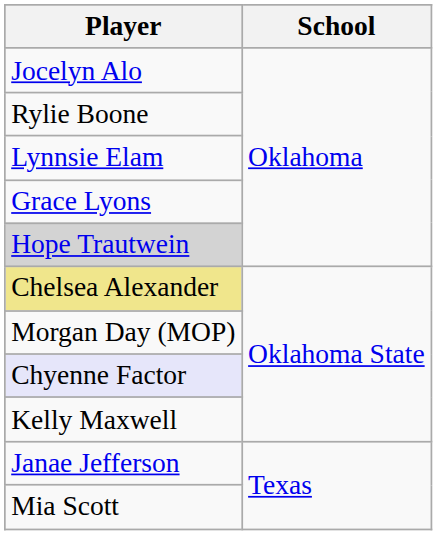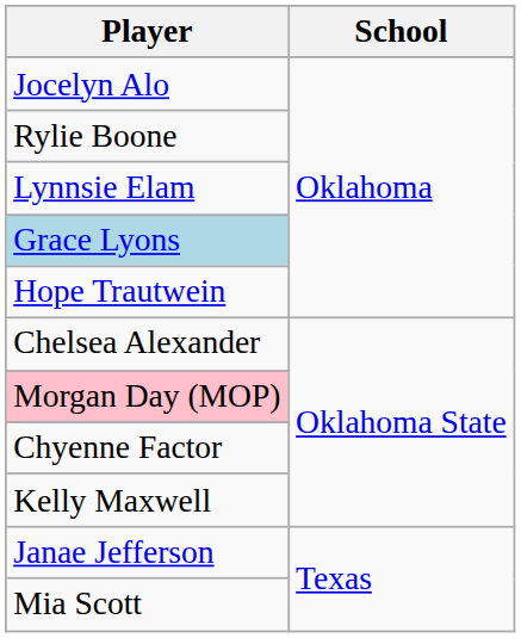 <table class="wikitable">
 <tr>
 <th>Player</th>
 <th>School</th>
 </tr>
 <tr>
 <td><a href='#'>Jocelyn Alo</a></td>
 <td rowspan="5"><a href='#'>Oklahoma</a></td>
 </tr>
 <tr>
 <td>Rylie Boone</td>
 </tr>
 <tr>
 <td><a href='#'>Lynnsie Elam</a></td>
 </tr>
 <tr>
-<td><a href='#'>Grace Lyons</a></td>
+<td style="background: lightblue;"><a href='#'>Grace Lyons</a></td>
 </tr>
 <tr>
-<td style="background: lightgrey;"><a href='#'>Hope Trautwein</a></td>
+<td><a href='#'>Hope Trautwein</a></td>
 </tr>
 <tr>
-<td style="background: khaki;">Chelsea Alexander</td>
+<td>Chelsea Alexander</td>
 <td rowspan="4"><a href='#'>Oklahoma State</a></td>
 </tr>
 <tr>
-<td>Morgan Day (MOP)</td>
+<td style="background: pink;">Morgan Day (MOP)</td>
 </tr>
 <tr>
-<td style="background: lavender;">Chyenne Factor</td>
+<td>Chyenne Factor</td>
 </tr>
 <tr>
 <td>Kelly Maxwell</td>
 </tr>
 <tr>
 <td><a href='#'>Janae Jefferson</a></td>
 <td rowspan="2"><a href='#'>Texas</a></td>
 </tr>
 <tr>
 <td>Mia Scott</td>
 </tr>
 </table>
